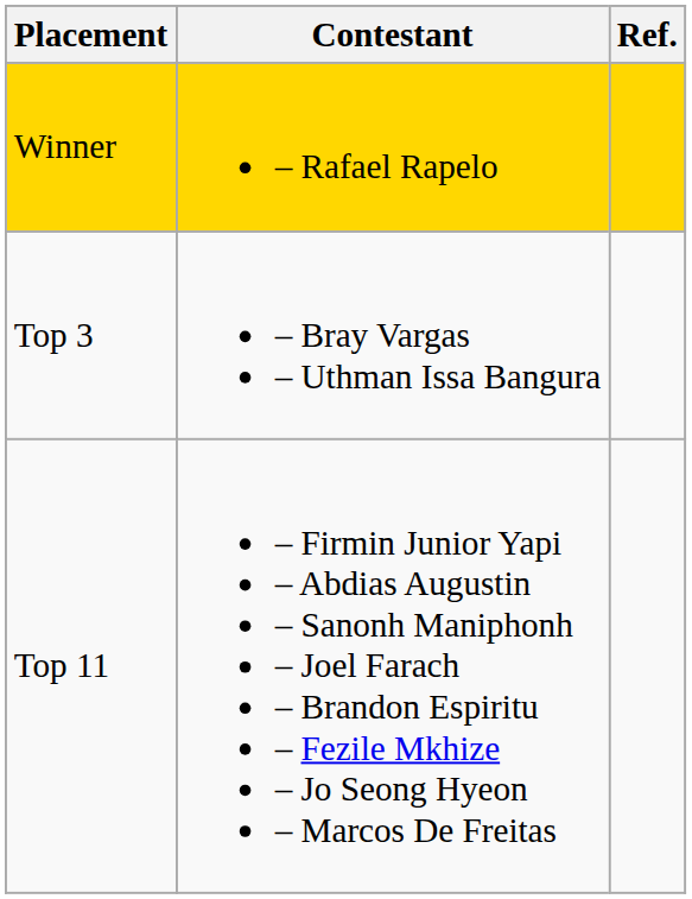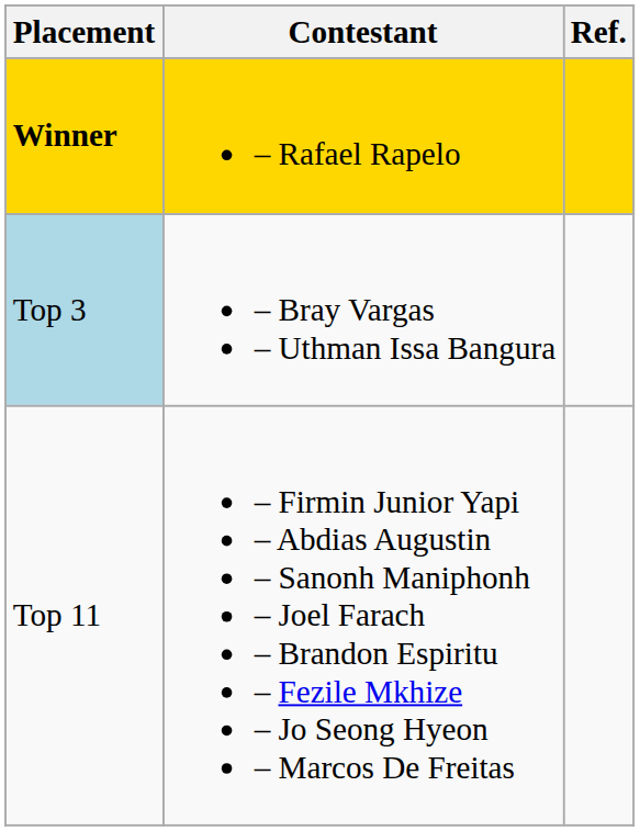 <table class="wikitable sortable" style="font-size:95%;">
 <tr>
 <th>Placement</th>
 <th colspan="2">Contestant</th>
 <th>Ref.</th>
 </tr>
 <tr style="background:gold;">
-<td>Winner</td>
+<td><strong>Winner</strong></td>
 <td colspan="2"><br><ul><li> – Rafael Rapelo</li></ul></td>
 <td></td>
 </tr>
 <tr>
-<td>Top 3</td>
+<td style="background: lightblue;">Top 3</td>
 <td colspan="2" rowspan="1"><br><ul><li> – Bray Vargas</li><li> – Uthman Issa Bangura</li></ul></td>
 <td></td>
 </tr>
 <tr>
 <td>Top 11</td>
 <td colspan="2" rowspan="1"><br><ul><li> – Firmin Junior Yapi</li><li> – Abdias Augustin</li><li> – Sanonh Maniphonh</li><li> – Joel Farach</li><li> – Brandon Espiritu</li><li> – <a href='#'>Fezile Mkhize</a></li><li> – Jo Seong Hyeon</li><li> – Marcos De Freitas</li></ul></td>
 </tr>
 </table>
